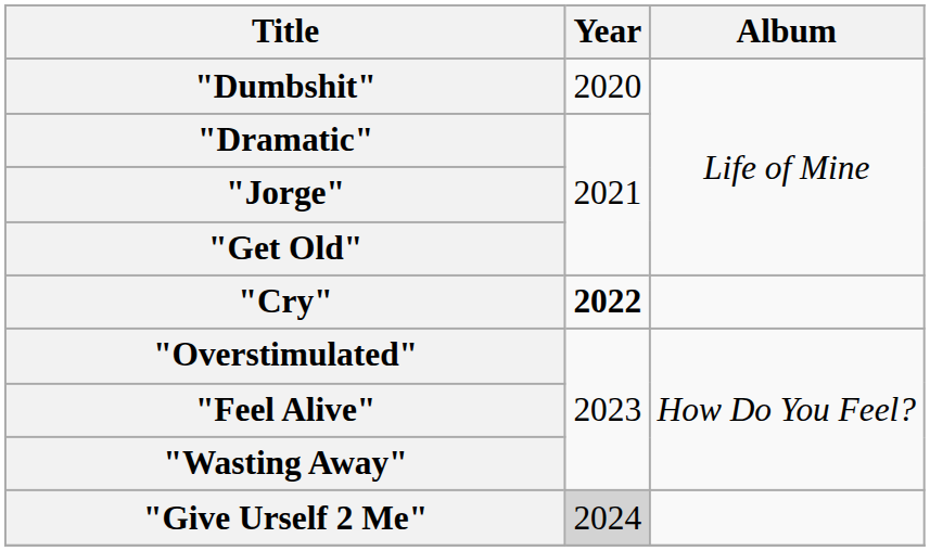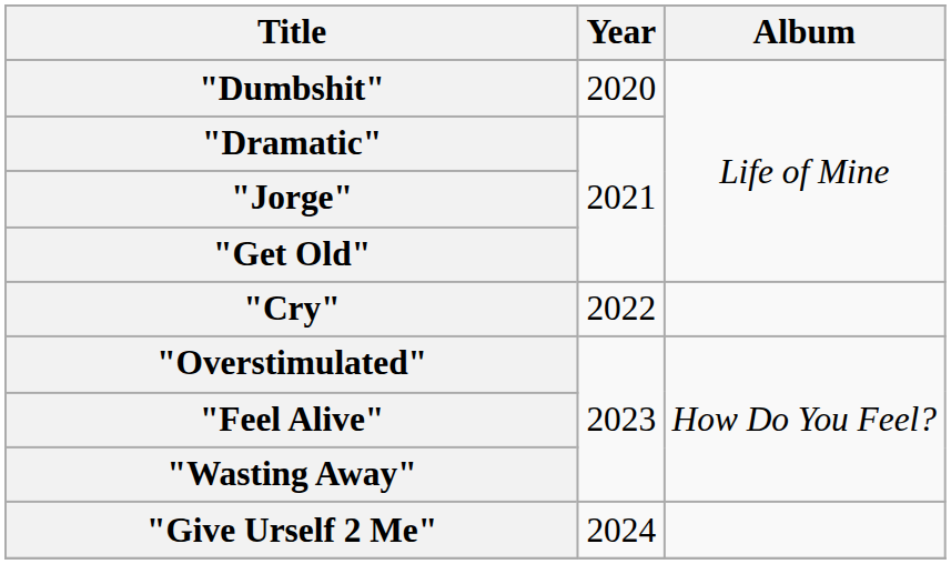 <table class="wikitable plainrowheaders" style="text-align:center;">
 <tr>
 <th scope="col" rowspan="1" style="width:16em;">Title</th>
 <th scope="col" rowspan="1">Year</th>
 <th scope="col" rowspan="1">Album</th>
 </tr>
 <tr>
 <th scope="row">"Dumbshit"</th>
 <td>2020</td>
 <td rowspan="4"><em>Life of Mine</em></td>
 </tr>
 <tr>
 <th scope="row">"Dramatic"</th>
 <td rowspan="3">2021</td>
 </tr>
 <tr>
 <th scope="row">"Jorge"</th>
 </tr>
 <tr>
 <th scope="row">"Get Old"</th>
 </tr>
 <tr>
 <th scope="row">"Cry"</th>
-<td rowspan="1"><strong>2022</strong></td>
+<td rowspan="1">2022</td>
 <td></td>
 </tr>
 <tr>
 <th scope="row">"Overstimulated"</th>
 <td rowspan="3">2023</td>
 <td rowspan="3"><em>How Do You Feel?</em></td>
 </tr>
 <tr>
 <th scope="row">"Feel Alive"</th>
 </tr>
 <tr>
 <th scope="row">"Wasting Away"</th>
 </tr>
 <tr>
 <th scope="row">"Give Urself 2 Me"</th>
-<td rowspan="1" style="background: lightgrey;">2024</td>
+<td rowspan="1">2024</td>
 <td></td>
 </tr>
 <tr>
 </tr>
 </table>
